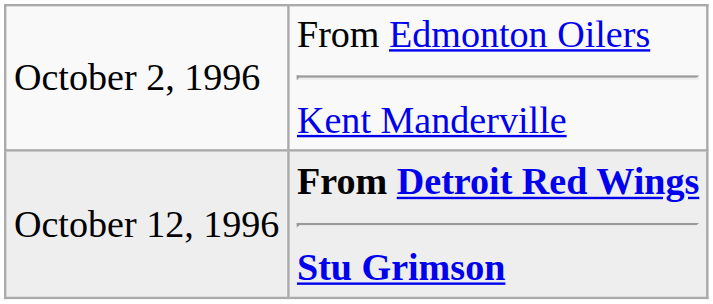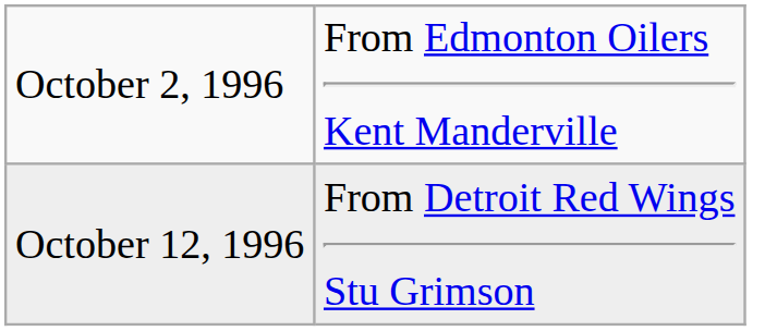 <table class="wikitable">
 <tr>
 <td>October 2, 1996</td>
 <td valign="top">From <a href='#'>Edmonton Oilers</a><hr><a href='#'>Kent Manderville</a></td>
 </tr>
 <tr style="background:#eee;">
 <td>October 12, 1996</td>
-<td valign="top"><strong>From <a href='#'>Detroit Red Wings</a><hr><a href='#'>Stu Grimson</a></strong></td>
+<td valign="top">From <a href='#'>Detroit Red Wings</a><hr><a href='#'>Stu Grimson</a></td>
 </tr>
 </table>
